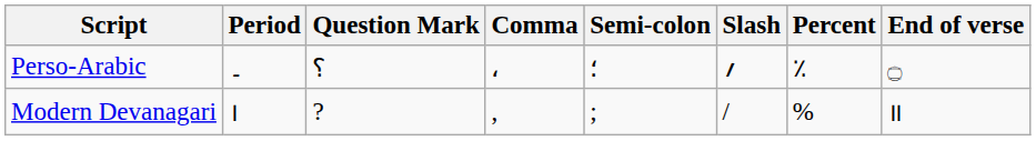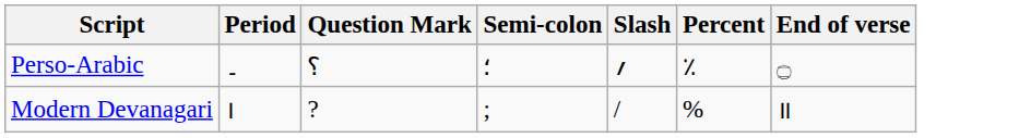 <table class="wikitable">
 <tr>
 <th>Script</th>
 <th>Period</th>
 <th>Question Mark</th>
-<th>Comma</th>
 <th>Semi-colon</th>
 <th>Slash</th>
 <th>Percent</th>
 <th>End of verse</th>
 </tr>
 <tr>
 <td><a href='#'>Perso-Arabic</a></td>
 <td>۔</td>
 <td>؟</td>
-<td>،</td>
 <td>؛</td>
 <td>؍</td>
 <td>٪</td>
 <td>۝</td>
 </tr>
 <tr>
 <td><a href='#'>Modern Devanagari</a></td>
 <td>।</td>
 <td>?</td>
-<td>,</td>
 <td>;</td>
 <td>/</td>
 <td>%</td>
 <td>॥</td>
 </tr>
 </table>
